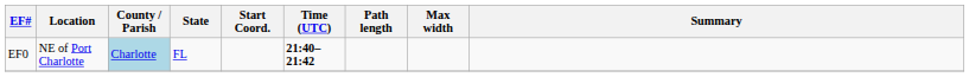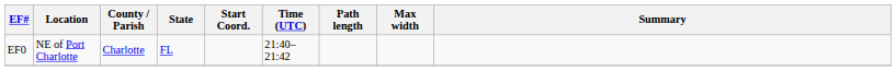 <table class="wikitable sortable" style="width:100%;">
 <tr>
 <th scope="col"  style="width:3%; text-align:center;"><a href='#'>EF#</a></th>
 <th scope="col"  style="width:7%; text-align:center;" class="unsortable">Location</th>
 <th scope="col"  style="width:6%; text-align:center;" class="unsortable">County / Parish</th>
 <th scope="col"  style="width:5%; text-align:center;">State</th>
 <th scope="col"  style="width:6%; text-align:center;">Start Coord.</th>
 <th scope="col"  style="width:6%; text-align:center;">Time (<a href='#'>UTC</a>)</th>
 <th scope="col"  style="width:6%; text-align:center;">Path length</th>
 <th scope="col"  style="width:6%; text-align:center;">Max width</th>
 <th scope="col" class="unsortable" style="width:48%; text-align:center;">Summary</th>
 </tr>
 <tr>
 <td>EF0</td>
 <td>NE of <a href='#'>Port Charlotte</a></td>
-<td style="background: lightblue;"><a href='#'>Charlotte</a></td>
+<td><a href='#'>Charlotte</a></td>
 <td><a href='#'>FL</a></td>
 <td></td>
-<td><strong>21:40–21:42</strong></td>
+<td>21:40–21:42</td>
 <td></td>
 <td></td>
 <td></td>
 </tr>
 <tr>
 </tr>
 </table>
